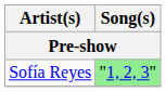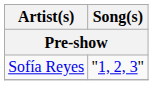 <table class="wikitable">
 <tr>
 <th>Artist(s)</th>
 <th>Song(s)</th>
 </tr>
 <tr>
 <th colspan=2>Pre-show</th>
 </tr>
 <tr>
 <td><a href='#'>Sofía Reyes</a></td>
-<td style="background: lightgreen;">"<a href='#'>1, 2, 3</a>"</td>
+<td>"<a href='#'>1, 2, 3</a>"</td>
 </tr>
 <tr>
 </tr>
 </table>
